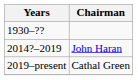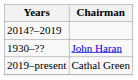 <table class="wikitable">
 <tr>
 <th>Years</th>
 <th>Chairman</th>
 </tr>
 <tr>
-<td>1930–??</td>
+<td>2014?–2019</td>
 <td></td>
 </tr>
 <tr>
-<td>2014?–2019</td>
+<td>1930–??</td>
 <td><a href='#'>John Haran</a></td>
 </tr>
 <tr>
 <td>2019–present</td>
 <td>Cathal Green</td>
 </tr>
 <tr>
 </tr>
 </table>
